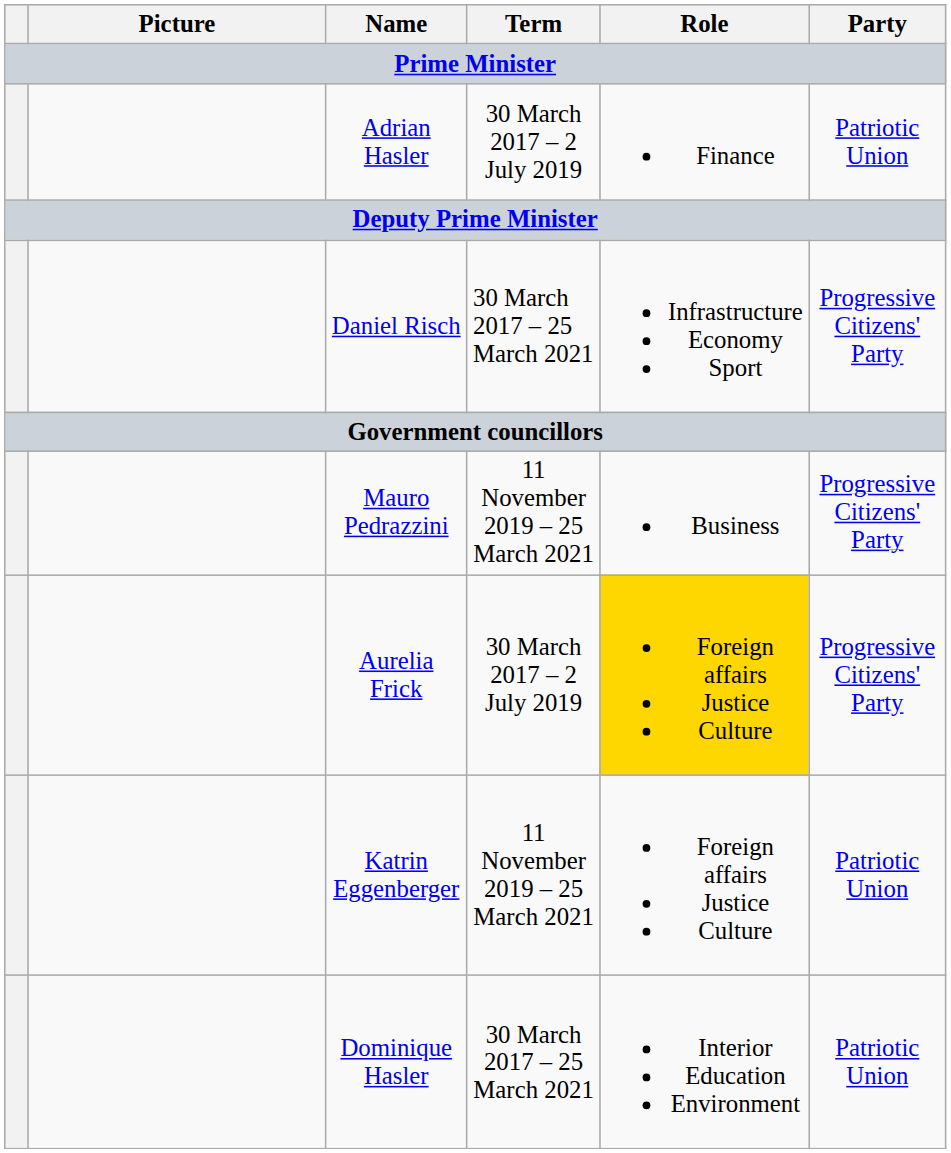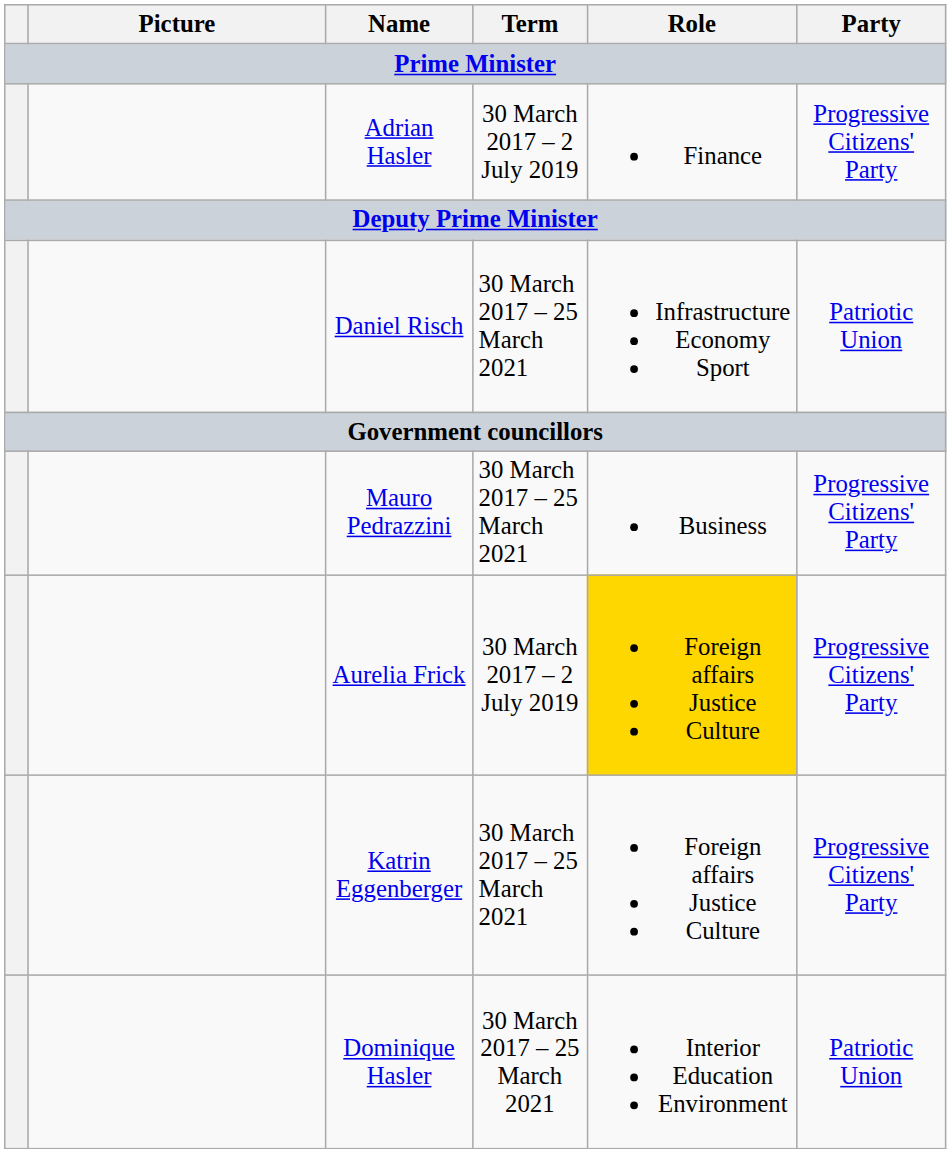 <table class="wikitable" style="text-align:center">
 <tr>
 <th style="width: 0.5em"></th>
 <th style="width: 11.5em">Picture</th>
 <th>Name</th>
 <th>Term</th>
 <th>Role</th>
 <th>Party</th>
 </tr>
 <tr>
 <th colspan="7" style="background:#CCD2D9"><a href='#'>Prime Minister</a></th>
 </tr>
 <tr>
 <th style="background:"></th>
 <td></td>
 <td><a href='#'>Adrian Hasler</a></td>
 <td>30 March 2017 – 2 July 2019</td>
 <td><br><ul><li>Finance</li></ul></td>
-<td><a href='#'>Patriotic Union</a></td>
+<td><a href='#'>Progressive Citizens' Party</a></td>
 </tr>
 <tr>
 <th colspan="7" style="background:#CCD2D9"><a href='#'>Deputy Prime Minister</a></th>
 </tr>
 <tr>
 <th style="background:"></th>
 <td></td>
 <td><a href='#'>Daniel Risch</a></td>
 <td style="text-align:left">30 March 2017 – 25 March 2021</td>
 <td><br><ul><li>Infrastructure</li><li>Economy</li><li>Sport</li></ul></td>
-<td><a href='#'>Progressive Citizens' Party</a></td>
+<td><a href='#'>Patriotic Union</a></td>
 </tr>
 <tr>
 <th colspan="7" style="background:#CCD2D9">Government councillors</th>
 </tr>
 <tr>
 <th style="background:"></th>
 <td></td>
 <td><a href='#'>Mauro Pedrazzini</a></td>
-<td>11 November 2019 – 25 March 2021</td>
+<td style="text-align:left">30 March 2017 – 25 March 2021</td>
 <td><br><ul><li>Business</li></ul></td>
 <td><a href='#'>Progressive Citizens' Party</a></td>
 </tr>
 <tr>
 <th style="background:"></th>
 <td></td>
 <td><a href='#'>Aurelia Frick</a></td>
 <td>30 March 2017 – 2 July 2019</td>
 <td style="background: gold;"><br><ul><li>Foreign affairs</li><li>Justice</li><li>Culture</li></ul></td>
 <td><a href='#'>Progressive Citizens' Party</a></td>
 </tr>
 <tr>
 <th style="background:"></th>
 <td></td>
 <td><a href='#'>Katrin Eggenberger</a></td>
-<td>11 November 2019 – 25 March 2021</td>
+<td style="text-align:left">30 March 2017 – 25 March 2021</td>
 <td><br><ul><li>Foreign affairs</li><li>Justice</li><li>Culture</li></ul></td>
-<td><a href='#'>Patriotic Union</a></td>
+<td><a href='#'>Progressive Citizens' Party</a></td>
 </tr>
 <tr>
 <th style="background:"></th>
 <td></td>
 <td><a href='#'>Dominique Hasler</a></td>
 <td>30 March 2017 – 25 March 2021</td>
 <td><br><ul><li>Interior</li><li>Education</li><li>Environment</li></ul></td>
 <td><a href='#'>Patriotic Union</a></td>
 </tr>
 </table>
